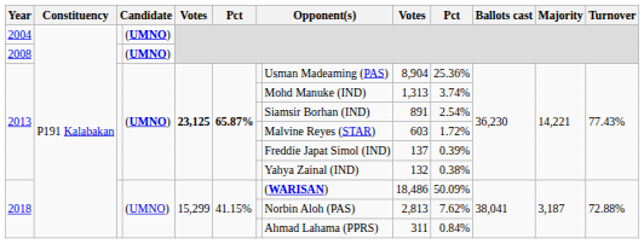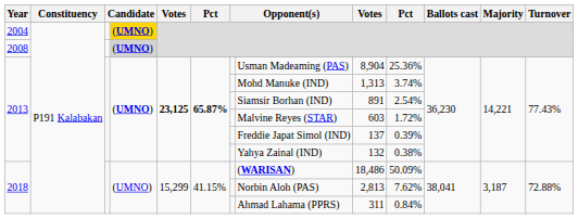 <table class="wikitable" style="margin:0.5em ; font-size:95%">
 <tr>
 <th>Year</th>
 <th>Constituency</th>
 <th colspan=2>Candidate</th>
 <th>Votes</th>
 <th>Pct</th>
 <th colspan=2>Opponent(s)</th>
 <th>Votes</th>
 <th>Pct</th>
 <th>Ballots cast</th>
 <th>Majority</th>
 <th>Turnover</th>
 </tr>
 <tr>
 <td><a href='#'>2004</a></td>
 <td rowspan=11>P191 <a href='#'>Kalabakan</a></td>
 <td></td>
-<td> (<a href='#'><strong>UMNO</strong></a>)</td>
+<td style="background: gold;"> (<a href='#'><strong>UMNO</strong></a>)</td>
 <td colspan=9 rowspan=2 bgcolor="dcdcdc"></td>
 </tr>
 <tr>
 <td><a href='#'>2008</a></td>
 <td></td>
-<td> (<a href='#'><strong>UMNO</strong></a>)</td>
+<td style="background: lightgrey;"> (<a href='#'><strong>UMNO</strong></a>)</td>
 </tr>
 <tr>
 <td rowspan=6><a href='#'>2013</a></td>
 <td rowspan=6 ></td>
 <td rowspan=6> (<a href='#'><strong>UMNO</strong></a>)</td>
 <td rowspan=6 align="right"><strong>23,125</strong></td>
 <td rowspan=6><strong>65.87%</strong></td>
 <td></td>
 <td>Usman Madeaming (<a href='#'>PAS</a>)</td>
 <td align="right">8,904</td>
 <td>25.36%</td>
 <td rowspan=6>36,230</td>
 <td rowspan=6>14,221</td>
 <td rowspan=6>77.43%</td>
 </tr>
 <tr>
 <td></td>
 <td>Mohd Manuke (IND)</td>
 <td align=right>1,313</td>
 <td align=right>3.74%</td>
 </tr>
 <tr>
 <td></td>
 <td>Siamsir Borhan (IND)</td>
 <td align=right>891</td>
 <td align=right>2.54%</td>
 </tr>
 <tr>
 <td></td>
 <td>Malvine Reyes (<a href='#'>STAR</a>)</td>
 <td align=right>603</td>
 <td align=right>1.72%</td>
 </tr>
 <tr>
 <td></td>
 <td>Freddie Japat Simol (IND)</td>
 <td align=right>137</td>
 <td align=right>0.39%</td>
 </tr>
 <tr>
 <td></td>
 <td>Yahya Zainal (IND)</td>
 <td align=right>132</td>
 <td align=right>0.38%</td>
 </tr>
 <tr>
 <td rowspan=3><a href='#'>2018</a></td>
 <td rowspan=3 ></td>
 <td rowspan=3> (<a href='#'>UMNO</a>)</td>
 <td rowspan=3 align="right">15,299</td>
 <td rowspan=3>41.15%</td>
 <td></td>
 <td> (<a href='#'><strong>WARISAN</strong></a>)</td>
 <td align="right">18,486</td>
 <td>50.09%</td>
 <td rowspan=3>38,041</td>
 <td rowspan=3>3,187</td>
 <td rowspan=3>72.88%</td>
 </tr>
 <tr>
 <td></td>
 <td>Norbin Aloh (PAS)</td>
 <td align=right>2,813</td>
 <td align=right>7.62%</td>
 </tr>
 <tr>
 <td bgcolor=></td>
 <td>Ahmad Lahama (PPRS)</td>
 <td align=right>311</td>
 <td align=right>0.84%</td>
 </tr>
 </table>
